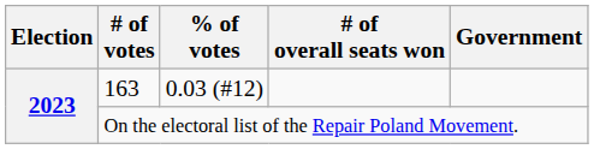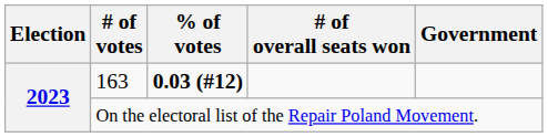 <table class=wikitable>
 <tr>
 <th>Election</th>
 <th># of<br>votes</th>
 <th>% of<br>votes</th>
 <th># of<br>overall seats won</th>
 <th>Government</th>
 </tr>
 <tr>
 <th rowspan="2"><a href='#'>2023</a></th>
 <td>163</td>
-<td>0.03 (#12)</td>
+<td><strong>0.03 (#12)</strong></td>
 <td></td>
 <td></td>
 </tr>
 <tr>
 <td colspan=5><small>On the electoral list of the <a href='#'>Repair Poland Movement</a>.</small></td>
 </tr>
 </table>
